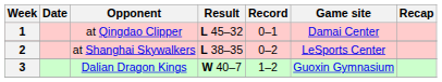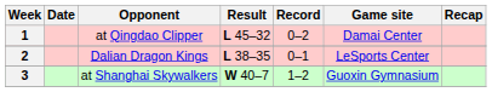 <table class="wikitable" style="text-align:center">
 <tr>
 <th>Week</th>
 <th>Date</th>
 <th>Opponent</th>
 <th>Result</th>
 <th>Record</th>
 <th>Game site</th>
 <th>Recap</th>
 </tr>
 <tr style="background:#fcc">
 <th>1</th>
 <td></td>
 <td>at <a href='#'>Qingdao Clipper</a></td>
 <td><strong>L</strong> 45–32</td>
-<td>0–1</td>
+<td>0–2</td>
 <td><a href='#'>Damai Center</a></td>
 <td></td>
 </tr>
 <tr style="background:#cfc">
 </tr>
 <tr style="background:#fcc">
 <th>2</th>
 <td></td>
-<td>at <a href='#'>Shanghai Skywalkers</a></td>
+<td><a href='#'>Dalian Dragon Kings</a></td>
 <td><strong>L</strong> 38–35</td>
-<td>0–2</td>
+<td>0–1</td>
 <td><a href='#'>LeSports Center</a></td>
 <td></td>
 </tr>
 <tr style="background:#cfc">
 </tr>
 <tr style="background:#cfc">
 <th>3</th>
 <td></td>
-<td><a href='#'>Dalian Dragon Kings</a></td>
+<td>at <a href='#'>Shanghai Skywalkers</a></td>
 <td><strong>W</strong> 40–7</td>
 <td>1–2</td>
 <td><a href='#'>Guoxin Gymnasium</a></td>
 <td></td>
 </tr>
 <tr style="background:#cfc">
 </tr>
 </table>
